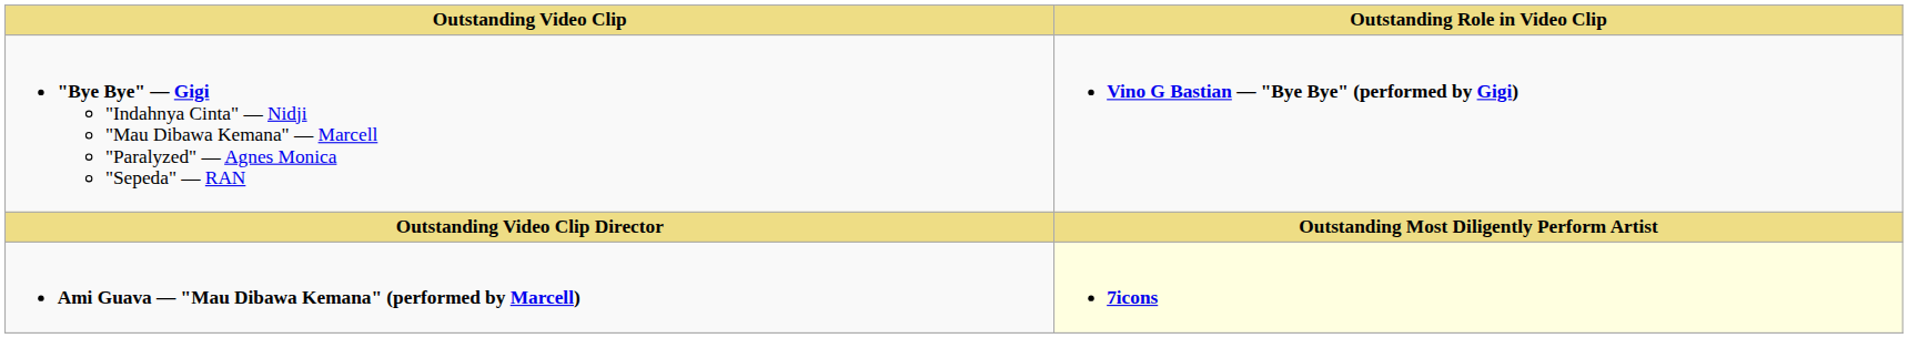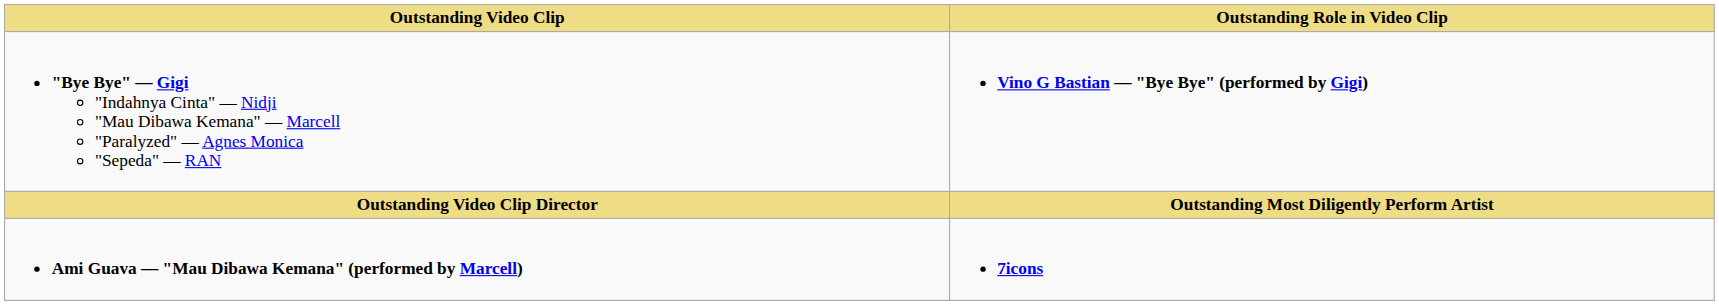 <table class="wikitable" style="width:100%;">
 <tr>
 <th style="background:#EEDD85; width=50%">Outstanding Video Clip</th>
 <th style="background:#EEDD85; width=50%">Outstanding Role in Video Clip</th>
 </tr>
 <tr>
 <td valign= "top"><br><ul><li><strong>"Bye Bye" — <a href='#'>Gigi</a></strong><ul><li>"Indahnya Cinta" — <a href='#'>Nidji</a></li><li>"Mau Dibawa Kemana" — <a href='#'>Marcell</a></li><li>"Paralyzed" — <a href='#'>Agnes Monica</a></li><li>"Sepeda" — <a href='#'>RAN</a></li></ul></li></ul></td>
 <td valign= "top"><br><ul><li><strong><a href='#'>Vino G Bastian</a> — "Bye Bye" (performed by <a href='#'>Gigi</a>)</strong></li></ul></td>
 </tr>
 <tr>
 <th style="background:#EEDD85; width=50%">Outstanding Video Clip Director</th>
 <th style="background:#EEDD85; width=50%">Outstanding Most Diligently Perform Artist</th>
 </tr>
 <tr>
 <td valign= "top"><br><ul><li><strong>Ami Guava — "Mau Dibawa Kemana" (performed by <a href='#'>Marcell</a>)</strong></li></ul></td>
-<td valign= "top" style="background: lightyellow;"><br><ul><li><strong><a href='#'>7icons</a></strong></li></ul></td>
+<td valign= "top"><br><ul><li><strong><a href='#'>7icons</a></strong></li></ul></td>
 </tr>
 <tr>
 </tr>
 </table>
